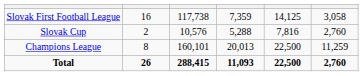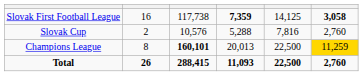 <table class="wikitable sortable" style="text-align: center;">
 <tr>
 <th></th>
 <th style="width:70px;"></th>
 <th style="width:70px;"></th>
 <th style="width:70px;"></th>
 <th style="width:70px;"></th>
 <th style="width:70px;"></th>
 </tr>
 <tr>
 <td><a href='#'>Slovak First Football League</a></td>
 <td>16</td>
 <td>117,738</td>
-<td>7,359</td>
+<td><strong>7,359</strong></td>
 <td>14,125</td>
-<td>3,058</td>
+<td><strong>3,058</strong></td>
 </tr>
 <tr>
 <td><a href='#'>Slovak Cup</a></td>
 <td>2</td>
 <td>10,576</td>
 <td>5,288</td>
 <td>7,816</td>
 <td>2,760</td>
 </tr>
 <tr>
 <td><a href='#'>Champions League</a></td>
 <td>8</td>
-<td>160,101</td>
+<td><strong>160,101</strong></td>
 <td>20,013</td>
 <td>22,500</td>
-<td>11,259</td>
+<td style="background: gold;">11,259</td>
 </tr>
 <tr>
 <td><strong>Total</strong></td>
 <td><strong>26</strong></td>
 <td><strong>288,415</strong></td>
 <td><strong>11,093</strong></td>
 <td><strong>22,500</strong></td>
 <td><strong>2,760</strong></td>
 </tr>
 </table>
